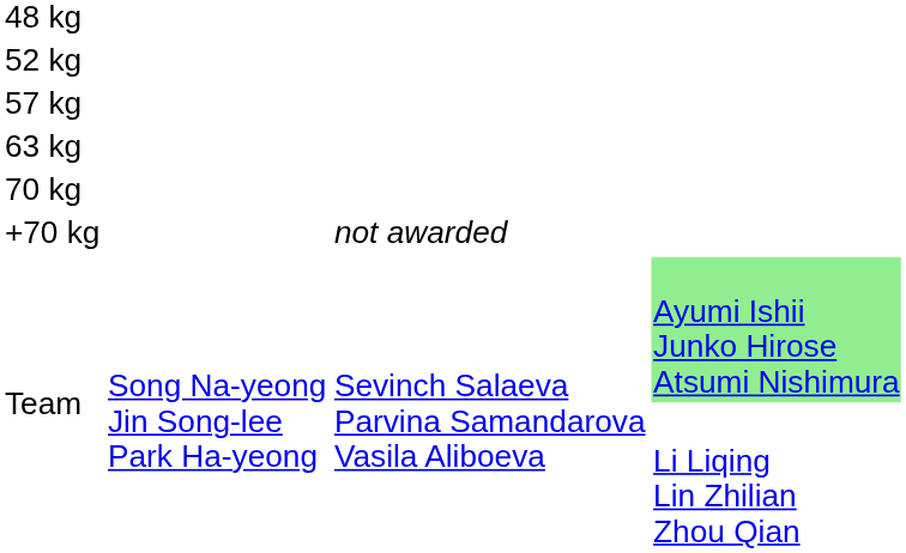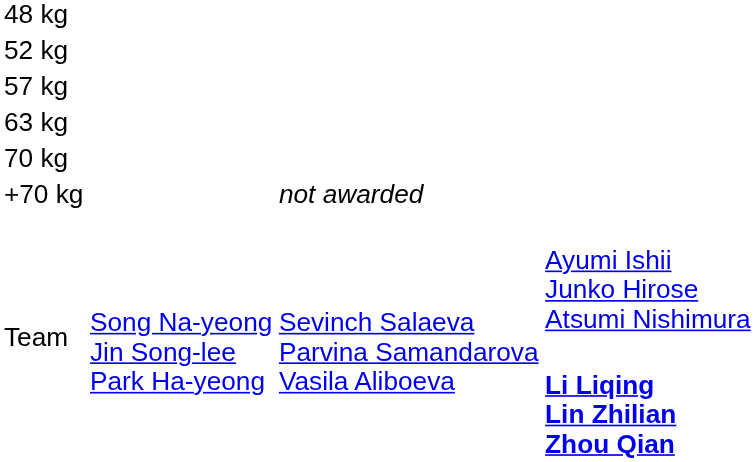 <table>
 <tr>
 <td rowspan=2>48 kg</td>
 <td rowspan=2></td>
 <td rowspan=2></td>
 <td></td>
 </tr>
 <tr>
 <td></td>
 </tr>
 <tr>
 <td rowspan=2>52 kg</td>
 <td rowspan=2></td>
 <td rowspan=2></td>
 <td></td>
 </tr>
 <tr>
 <td></td>
 </tr>
 <tr>
 <td rowspan=2>57 kg</td>
 <td rowspan=2></td>
 <td rowspan=2></td>
 <td></td>
 </tr>
 <tr>
 <td></td>
 </tr>
 <tr>
 <td rowspan=2>63 kg</td>
 <td rowspan=2></td>
 <td rowspan=2></td>
 <td></td>
 </tr>
 <tr>
 <td></td>
 </tr>
 <tr>
 <td rowspan=2>70 kg</td>
 <td rowspan=2></td>
 <td rowspan=2></td>
 <td></td>
 </tr>
 <tr>
 <td></td>
 </tr>
 <tr>
 <td rowspan=2>+70 kg</td>
 <td rowspan=2></td>
 <td rowspan=2><em>not awarded</em> </td>
 <td></td>
 </tr>
 <tr>
 <td></td>
 </tr>
 <tr>
 <td rowspan=2>Team</td>
 <td rowspan=2><br><a href='#'>Song Na-yeong</a><br><a href='#'>Jin Song-lee</a><br><a href='#'>Park Ha-yeong</a></td>
 <td rowspan=2><br><a href='#'>Sevinch Salaeva</a><br><a href='#'>Parvina Samandarova</a><br><a href='#'>Vasila Aliboeva</a></td>
-<td style="background: lightgreen;"><br><a href='#'>Ayumi Ishii</a><br><a href='#'>Junko Hirose</a><br><a href='#'>Atsumi Nishimura</a></td>
+<td><br><a href='#'>Ayumi Ishii</a><br><a href='#'>Junko Hirose</a><br><a href='#'>Atsumi Nishimura</a></td>
 </tr>
 <tr>
-<td><br><a href='#'>Li Liqing</a><br><a href='#'>Lin Zhilian</a><br><a href='#'>Zhou Qian</a></td>
+<td><strong><br><a href='#'>Li Liqing</a><br><a href='#'>Lin Zhilian</a><br><a href='#'>Zhou Qian</a></strong></td>
 </tr>
 </table>
